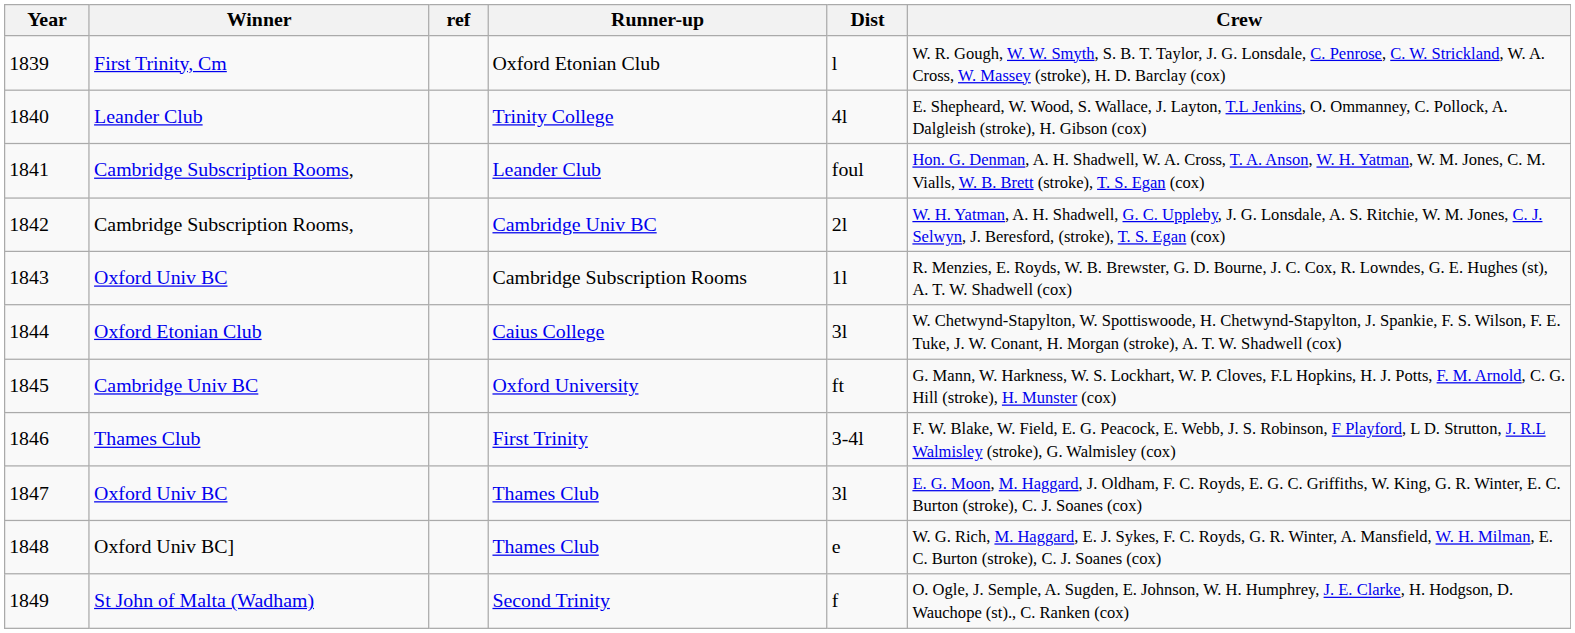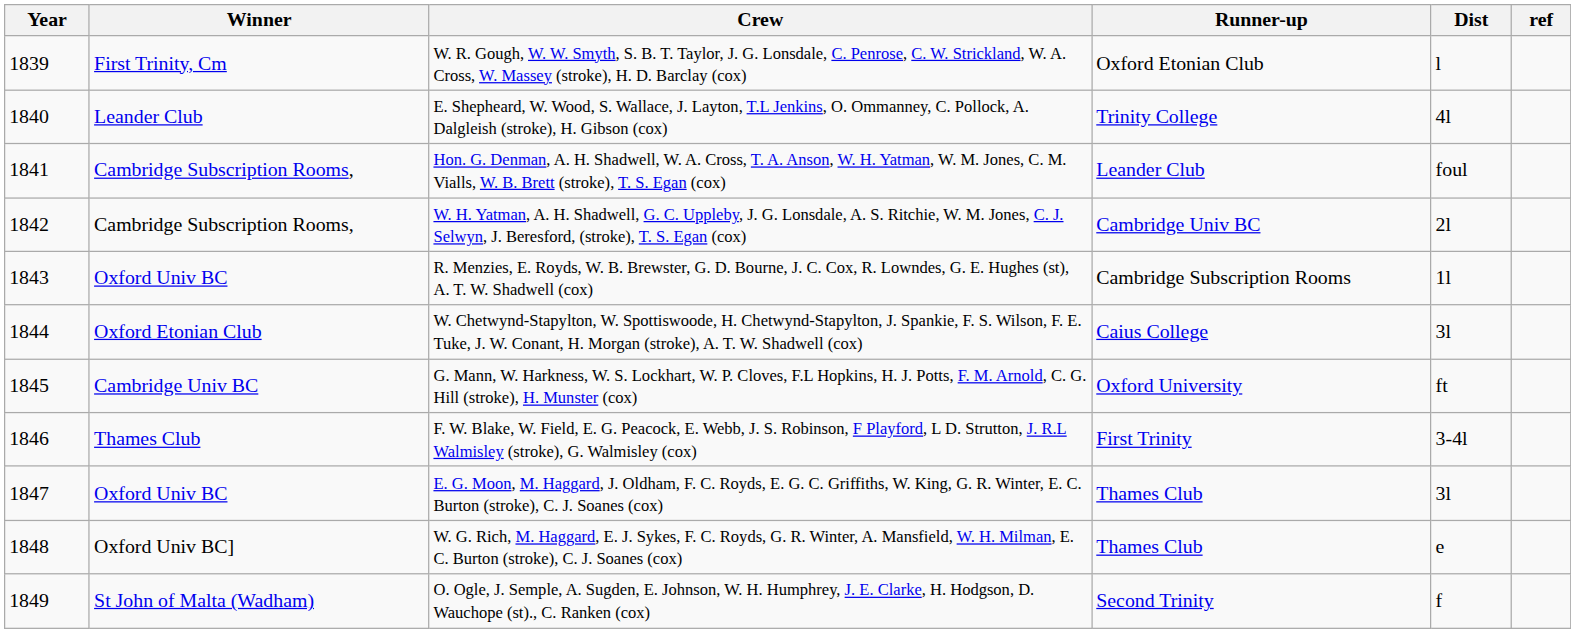 <table class="wikitable" width="100%">
 <tr>
 <th width=30>Year</th>
 <th width=150>Winner</th>
-<th width=20>ref</th>
+<th width=300>Crew</th>
 <th width=150>Runner-up</th>
 <th width=30>Dist</th>
-<th width=300>Crew</th>
+<th width=20>ref</th>
 </tr>
 <tr>
 <td>1839</td>
 <td><a href='#'>First Trinity, Cm</a></td>
-<td></td>
+<td><small> W. R. Gough, <a href='#'>W. W. Smyth</a>, S. B. T. Taylor, J. G. Lonsdale, <a href='#'>C. Penrose</a>, <a href='#'>C. W. Strickland</a>, W. A. Cross, <a href='#'>W. Massey</a> (stroke), H. D. Barclay (cox)</small></td>
 <td>Oxford Etonian Club</td>
 <td>l</td>
-<td><small> W. R. Gough, <a href='#'>W. W. Smyth</a>, S. B. T. Taylor, J. G. Lonsdale, <a href='#'>C. Penrose</a>, <a href='#'>C. W. Strickland</a>, W. A. Cross, <a href='#'>W. Massey</a> (stroke), H. D. Barclay (cox)</small></td>
+<td></td>
 </tr>
 <tr>
 <td>1840</td>
 <td><a href='#'>Leander Club</a></td>
-<td></td>
+<td><small> E. Shepheard, W. Wood, S. Wallace, J. Layton, <a href='#'>T.L Jenkins</a>, O. Ommanney, C. Pollock, A. Dalgleish (stroke), H. Gibson (cox)</small></td>
 <td><a href='#'>Trinity College</a></td>
 <td>4l</td>
-<td><small> E. Shepheard, W. Wood, S. Wallace, J. Layton, <a href='#'>T.L Jenkins</a>, O. Ommanney, C. Pollock, A. Dalgleish (stroke), H. Gibson (cox)</small></td>
+<td></td>
 </tr>
 <tr>
 <td>1841</td>
 <td><a href='#'>Cambridge Subscription Rooms</a>, </td>
-<td></td>
+<td><small> <a href='#'>Hon. G. Denman</a>, A. H. Shadwell, W. A. Cross, <a href='#'>T. A. Anson</a>, <a href='#'>W. H. Yatman</a>, W. M. Jones, C. M. Vialls, <a href='#'>W. B. Brett</a> (stroke), <a href='#'>T. S. Egan</a> (cox)</small></td>
 <td><a href='#'>Leander Club</a></td>
 <td>foul</td>
-<td><small> <a href='#'>Hon. G. Denman</a>, A. H. Shadwell, W. A. Cross, <a href='#'>T. A. Anson</a>, <a href='#'>W. H. Yatman</a>, W. M. Jones, C. M. Vialls, <a href='#'>W. B. Brett</a> (stroke), <a href='#'>T. S. Egan</a> (cox)</small></td>
+<td></td>
 </tr>
 <tr>
 <td>1842</td>
 <td>Cambridge Subscription Rooms, </td>
-<td></td>
+<td><small> <a href='#'>W. H. Yatman</a>, A. H. Shadwell, <a href='#'>G. C. Uppleby</a>, J. G. Lonsdale, A. S. Ritchie, W. M. Jones, <a href='#'>C. J. Selwyn</a>, J. Beresford, (stroke), <a href='#'>T. S. Egan</a> (cox)</small></td>
 <td><a href='#'>Cambridge Univ BC</a></td>
 <td>2l</td>
-<td><small> <a href='#'>W. H. Yatman</a>, A. H. Shadwell, <a href='#'>G. C. Uppleby</a>, J. G. Lonsdale, A. S. Ritchie, W. M. Jones, <a href='#'>C. J. Selwyn</a>, J. Beresford, (stroke), <a href='#'>T. S. Egan</a> (cox)</small></td>
+<td></td>
 </tr>
 <tr>
 <td>1843</td>
 <td><a href='#'>Oxford Univ BC</a></td>
-<td></td>
+<td><small> R. Menzies, E. Royds, W. B. Brewster, G. D. Bourne, J. C. Cox, R. Lowndes, G. E. Hughes (st), A. T. W. Shadwell (cox)</small></td>
 <td>Cambridge Subscription Rooms</td>
 <td>1l</td>
-<td><small> R. Menzies, E. Royds, W. B. Brewster, G. D. Bourne, J. C. Cox, R. Lowndes, G. E. Hughes (st), A. T. W. Shadwell (cox)</small></td>
+<td></td>
 </tr>
 <tr>
 <td>1844</td>
 <td><a href='#'>Oxford Etonian Club</a></td>
-<td></td>
+<td><small> W. Chetwynd-Stapylton, W. Spottiswoode, H. Chetwynd-Stapylton, J. Spankie, F. S. Wilson, F. E. Tuke, J. W. Conant, H. Morgan (stroke), A. T. W. Shadwell (cox) </small></td>
 <td><a href='#'>Caius College</a></td>
 <td>3l</td>
-<td><small> W. Chetwynd-Stapylton, W. Spottiswoode, H. Chetwynd-Stapylton, J. Spankie, F. S. Wilson, F. E. Tuke, J. W. Conant, H. Morgan (stroke), A. T. W. Shadwell (cox) </small></td>
+<td></td>
 </tr>
 <tr>
 <td>1845</td>
 <td><a href='#'>Cambridge Univ BC</a></td>
-<td></td>
+<td><small>G. Mann, W. Harkness, W. S. Lockhart, W. P. Cloves, F.L Hopkins, H. J. Potts, <a href='#'>F. M. Arnold</a>, C. G. Hill (stroke), <a href='#'>H. Munster</a> (cox)</small></td>
 <td><a href='#'>Oxford University</a></td>
 <td>ft</td>
-<td><small>G. Mann, W. Harkness, W. S. Lockhart, W. P. Cloves, F.L Hopkins, H. J. Potts, <a href='#'>F. M. Arnold</a>, C. G. Hill (stroke), <a href='#'>H. Munster</a> (cox)</small></td>
+<td></td>
 </tr>
 <tr>
 <td>1846</td>
 <td><a href='#'>Thames Club</a></td>
-<td></td>
+<td><small>F. W. Blake, W. Field, E. G. Peacock,  E. Webb, J. S. Robinson, <a href='#'>F Playford</a>, L D. Strutton, <a href='#'>J. R.L Walmisley</a> (stroke), G. Walmisley (cox) </small></td>
 <td><a href='#'>First Trinity</a></td>
 <td>3-4l</td>
-<td><small>F. W. Blake, W. Field, E. G. Peacock,  E. Webb, J. S. Robinson, <a href='#'>F Playford</a>, L D. Strutton, <a href='#'>J. R.L Walmisley</a> (stroke), G. Walmisley (cox) </small></td>
+<td></td>
 </tr>
 <tr>
 <td>1847</td>
 <td><a href='#'>Oxford Univ BC</a></td>
-<td></td>
+<td><small><a href='#'>E. G. Moon</a>, <a href='#'>M. Haggard</a>, J. Oldham, F. C. Royds, E. G. C. Griffiths, W. King, G. R. Winter, E. C. Burton (stroke), C. J. Soanes (cox)</small></td>
 <td><a href='#'>Thames Club</a></td>
 <td>3l</td>
-<td><small><a href='#'>E. G. Moon</a>, <a href='#'>M. Haggard</a>, J. Oldham, F. C. Royds, E. G. C. Griffiths, W. King, G. R. Winter, E. C. Burton (stroke), C. J. Soanes (cox)</small></td>
+<td></td>
 </tr>
 <tr>
 <td>1848</td>
 <td>Oxford Univ BC]</td>
-<td></td>
+<td><small> W. G. Rich, <a href='#'>M. Haggard</a>, E. J. Sykes, F. C. Royds, G. R. Winter, A. Mansfield, <a href='#'>W. H. Milman</a>, E. C. Burton (stroke), C. J. Soanes (cox) </small></td>
 <td><a href='#'>Thames Club</a></td>
 <td>e</td>
-<td><small> W. G. Rich, <a href='#'>M. Haggard</a>, E. J. Sykes, F. C. Royds, G. R. Winter, A. Mansfield, <a href='#'>W. H. Milman</a>, E. C. Burton (stroke), C. J. Soanes (cox) </small></td>
+<td></td>
 </tr>
 <tr>
 <td>1849</td>
 <td><a href='#'>St John of Malta (Wadham)</a></td>
-<td></td>
+<td><small>O. Ogle, J. Semple, A. Sugden, E. Johnson, W. H. Humphrey, <a href='#'>J. E. Clarke</a>, H. Hodgson, D. Wauchope (st)., C. Ranken (cox)</small></td>
 <td><a href='#'>Second Trinity</a></td>
 <td>f</td>
-<td><small>O. Ogle, J. Semple, A. Sugden, E. Johnson, W. H. Humphrey, <a href='#'>J. E. Clarke</a>, H. Hodgson, D. Wauchope (st)., C. Ranken (cox)</small></td>
+<td></td>
 </tr>
 </table>
